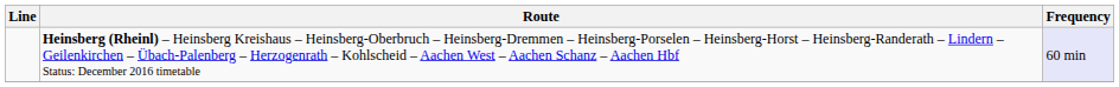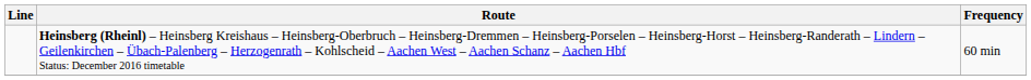 <table class="wikitable">
 <tr>
 <th>Line</th>
 <th>Route</th>
 <th>Frequency</th>
 </tr>
 <tr>
 <td align="center"></td>
 <td><strong>Heinsberg (Rheinl)</strong> – Heinsberg Kreishaus – Heinsberg-Oberbruch – Heinsberg-Dremmen – Heinsberg-Porselen – Heinsberg-Horst – Heinsberg-Randerath – <a href='#'>Lindern</a> – <a href='#'>Geilenkirchen</a> – <a href='#'>Übach-Palenberg</a> – <a href='#'>Herzogenrath</a> – Kohlscheid – <a href='#'>Aachen West</a> – <a href='#'>Aachen Schanz</a> – <a href='#'>Aachen Hbf</a><br><small>Status: December 2016 timetable</small></td>
-<td style="background: lavender;">60 min</td>
+<td>60 min</td>
 </tr>
 <tr>
 </tr>
 </table>
